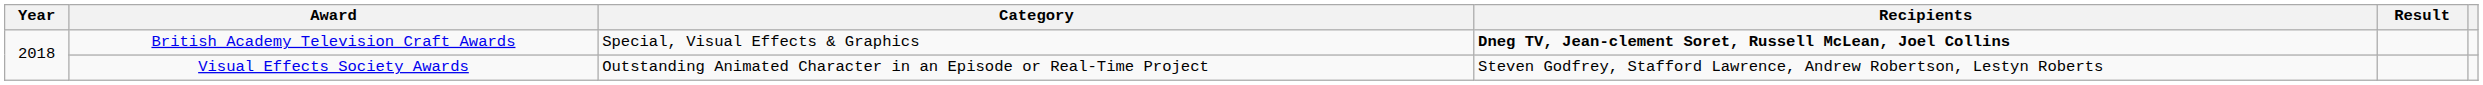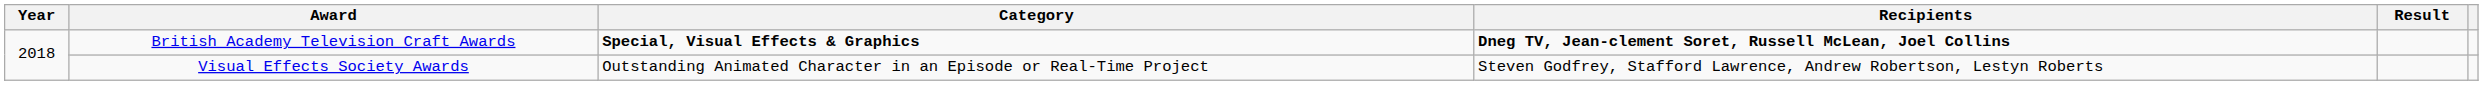 <table class="wikitable sortable" style="font-size:95%; width:99%;" summary="Columns list the year of the award, the name of the award, its category, nominees and the result.">
 <tr>
 <th>Year</th>
 <th>Award</th>
 <th>Category</th>
 <th>Recipients</th>
 <th>Result</th>
 <th></th>
 </tr>
 <tr>
 <td rowspan="2" style="text-align: center;">2018</td>
 <td style="text-align: center;"><a href='#'>British Academy Television Craft Awards</a></td>
-<td>Special, Visual Effects & Graphics</td>
+<td><strong>Special, Visual Effects & Graphics</strong></td>
 <td><strong>Dneg TV, Jean-clement Soret, Russell McLean, Joel Collins</strong></td>
 <td></td>
 <td align="center"></td>
 </tr>
 <tr>
 <td style="text-align: center;"><a href='#'>Visual Effects Society Awards</a></td>
 <td>Outstanding Animated Character in an Episode or Real-Time Project</td>
 <td>Steven Godfrey, Stafford Lawrence, Andrew Robertson, Lestyn Roberts</td>
 <td></td>
 <td align="center"></td>
 </tr>
 </table>
